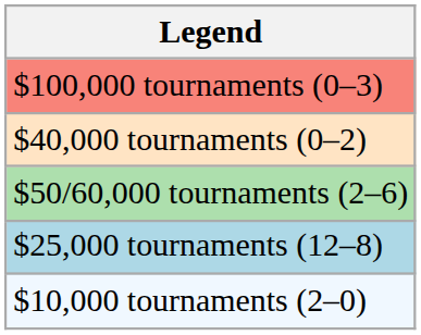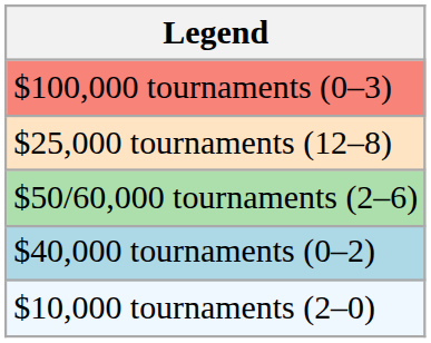 <table class="wikitable" style="font-size:85%">
 <tr>
 <th>Legend</th>
 </tr>
 <tr style="background:#f88379;">
 <td>$100,000 tournaments (0–3)</td>
 </tr>
 <tr style="background:#ffe4c4;">
-<td>$40,000 tournaments (0–2)</td>
+<td>$25,000 tournaments (12–8)</td>
 </tr>
 <tr style="background:#addfad;">
 <td>$50/60,000 tournaments (2–6)</td>
 </tr>
 <tr style="background:lightblue;">
-<td>$25,000 tournaments (12–8)</td>
+<td>$40,000 tournaments (0–2)</td>
 </tr>
 <tr style="background:#f0f8ff;">
 <td>$10,000 tournaments (2–0)</td>
 </tr>
 </table>
